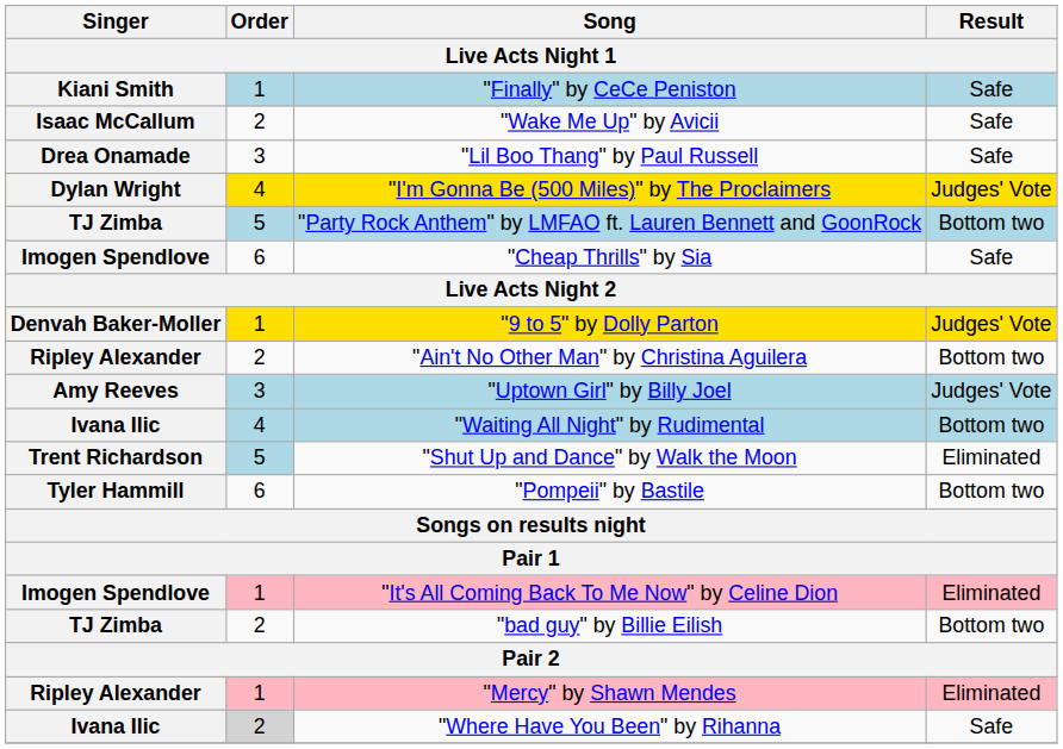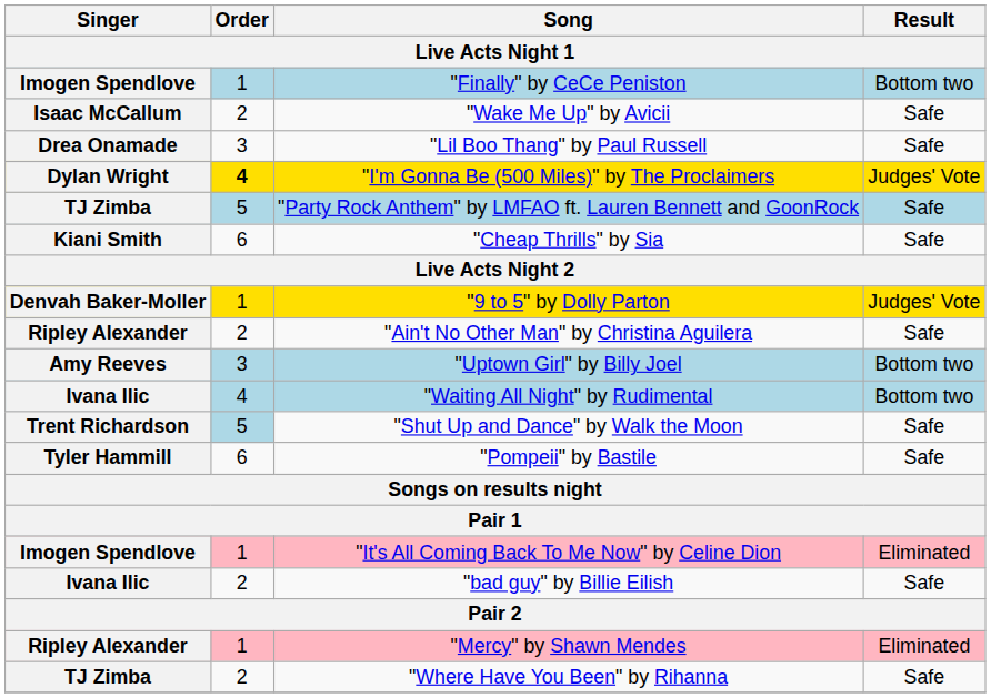 <table class="wikitable plainrowheaders" style="text-align:center;">
 <tr>
 <th scope="col">Singer</th>
 <th scope="col">Order</th>
 <th scope="col">Song</th>
 <th scope="col">Result</th>
 </tr>
 <tr>
 <th colspan=4>Live Acts Night 1</th>
 </tr>
 <tr style="background-color:lightblue"|>
-<th>Kiani Smith</th>
+<th>Imogen Spendlove</th>
 <td>1</td>
 <td>"<a href='#'>Finally</a>" by <a href='#'>CeCe Peniston</a></td>
-<td>Safe</td>
+<td>Bottom two</td>
 </tr>
 <tr>
 <th>Isaac McCallum</th>
 <td>2</td>
 <td>"<a href='#'>Wake Me Up</a>" by <a href='#'>Avicii</a></td>
 <td>Safe</td>
 </tr>
 <tr>
 <th>Drea Onamade</th>
 <td>3</td>
 <td>"<a href='#'>Lil Boo Thang</a>" by <a href='#'>Paul Russell</a></td>
 <td>Safe</td>
 </tr>
 <tr style="background:#ffdf00">
 <th>Dylan Wright</th>
-<td>4</td>
+<td><strong>4</strong></td>
 <td>"<a href='#'>I'm Gonna Be (500 Miles)</a>" by <a href='#'>The Proclaimers</a></td>
 <td>Judges' Vote</td>
 </tr>
 <tr style="background-color:lightblue"|>
 <th>TJ Zimba</th>
 <td>5</td>
 <td>"<a href='#'>Party Rock Anthem</a>" by <a href='#'>LMFAO</a> ft. <a href='#'>Lauren Bennett</a> and <a href='#'>GoonRock</a></td>
-<td>Bottom two</td>
+<td>Safe</td>
 </tr>
 <tr>
-<th>Imogen Spendlove</th>
+<th>Kiani Smith</th>
 <td>6</td>
 <td>"<a href='#'>Cheap Thrills</a>" by <a href='#'>Sia</a></td>
 <td>Safe</td>
 </tr>
 <tr>
 <th colspan=4>Live Acts Night 2</th>
 </tr>
 <tr style="background:#ffdf00">
 <th>Denvah Baker-Moller</th>
 <td>1</td>
 <td>"<a href='#'>9 to 5</a>" by <a href='#'>Dolly Parton</a></td>
 <td>Judges' Vote</td>
 </tr>
 <tr>
 <th>Ripley Alexander</th>
 <td>2</td>
 <td>"<a href='#'>Ain't No Other Man</a>" by <a href='#'>Christina Aguilera</a></td>
-<td>Bottom two</td>
+<td>Safe</td>
 </tr>
 <tr style="background-color:lightblue"|>
 <th>Amy Reeves</th>
 <td>3</td>
 <td>"<a href='#'>Uptown Girl</a>" by <a href='#'>Billy Joel</a></td>
-<td>Judges' Vote</td>
+<td>Bottom two</td>
 </tr>
 <tr style="background-color:lightblue"|>
 <th>Ivana Ilic</th>
 <td>4</td>
 <td>"<a href='#'>Waiting All Night</a>" by <a href='#'>Rudimental</a></td>
 <td>Bottom two</td>
 </tr>
 <tr>
 <th>Trent Richardson</th>
 <td style="background: lightblue;">5</td>
 <td>"<a href='#'>Shut Up and Dance</a>" by <a href='#'>Walk the Moon</a></td>
-<td>Eliminated</td>
+<td>Safe</td>
 </tr>
 <tr>
 <th>Tyler Hammill</th>
 <td>6</td>
 <td>"<a href='#'>Pompeii</a>" by <a href='#'>Bastile</a></td>
-<td>Bottom two</td>
+<td>Safe</td>
 </tr>
 <tr>
 <th colspan="4">Songs on results night</th>
 </tr>
 <tr>
 <th colspan="4">Pair 1</th>
 </tr>
 <tr style="background-color:lightpink"|>
 <th>Imogen Spendlove</th>
 <td>1</td>
 <td>"<a href='#'>It's All Coming Back To Me Now</a>" by <a href='#'>Celine Dion</a></td>
 <td>Eliminated</td>
 </tr>
 <tr>
-<th>TJ Zimba</th>
+<th>Ivana Ilic</th>
 <td>2</td>
 <td>"<a href='#'>bad guy</a>" by <a href='#'>Billie Eilish</a></td>
-<td>Bottom two</td>
+<td>Safe</td>
 </tr>
 <tr>
 <th colspan="4">Pair 2</th>
 </tr>
 <tr style="background-color:lightpink"|>
 <th>Ripley Alexander</th>
 <td>1</td>
 <td>"<a href='#'>Mercy</a>" by <a href='#'>Shawn Mendes</a></td>
 <td>Eliminated</td>
 </tr>
 <tr>
-<th>Ivana Ilic</th>
-<td style="background: lightgrey;">2</td>
+<th>TJ Zimba</th>
+<td>2</td>
 <td>"<a href='#'>Where Have You Been</a>" by <a href='#'>Rihanna</a></td>
 <td>Safe</td>
 </tr>
 <tr>
 </tr>
 </table>
